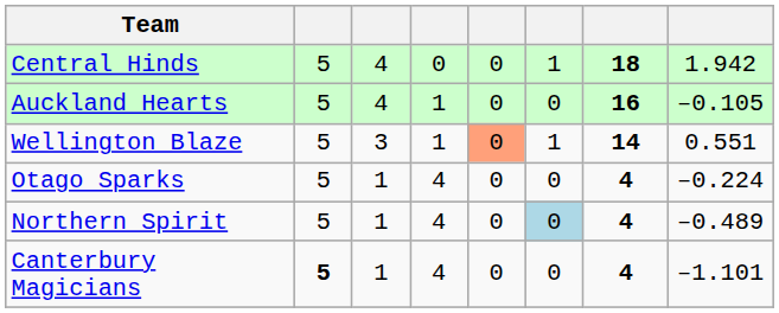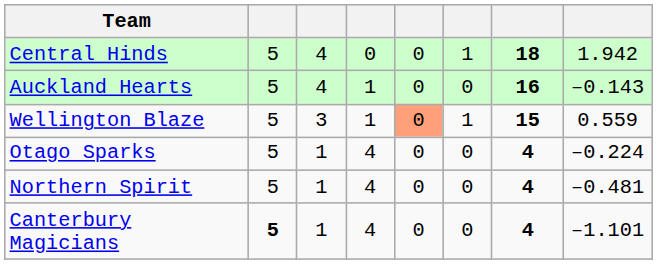 <table class="wikitable" style="text-align:center">
 <tr>
 <th width="150">Team</th>
 <th width="25"></th>
 <th width="25"></th>
 <th width="25"></th>
 <th width="25"></th>
 <th width="25"></th>
 <th width="40"></th>
 <th width="50"></th>
 </tr>
 <tr style="background:#cfc">
 <td style="text-align:left"><a href='#'>Central Hinds</a></td>
 <td>5</td>
 <td>4</td>
 <td>0</td>
 <td>0</td>
 <td>1</td>
 <td><strong>18</strong></td>
 <td>1.942</td>
 </tr>
 <tr style="background:#cfc">
 <td style="text-align:left"><a href='#'>Auckland Hearts</a></td>
 <td>5</td>
 <td>4</td>
 <td>1</td>
 <td>0</td>
 <td>0</td>
 <td><strong>16</strong></td>
-<td>–0.105</td>
+<td>–0.143</td>
 </tr>
 <tr>
 <td style="text-align:left"><a href='#'>Wellington Blaze</a></td>
 <td>5</td>
 <td>3</td>
 <td>1</td>
 <td style="background: lightsalmon;">0</td>
 <td>1</td>
-<td><strong>14</strong></td>
-<td>0.551</td>
+<td><strong>15</strong></td>
+<td>0.559</td>
 </tr>
 <tr>
 <td style="text-align:left"><a href='#'>Otago Sparks</a></td>
 <td>5</td>
 <td>1</td>
 <td>4</td>
 <td>0</td>
 <td>0</td>
 <td><strong>4</strong></td>
 <td>–0.224</td>
 </tr>
 <tr>
 <td style="text-align:left"><a href='#'>Northern Spirit</a></td>
 <td>5</td>
 <td>1</td>
 <td>4</td>
 <td>0</td>
-<td style="background: lightblue;">0</td>
+<td>0</td>
 <td><strong>4</strong></td>
-<td>–0.489</td>
+<td>–0.481</td>
 </tr>
 <tr>
 <td style="text-align:left"><a href='#'>Canterbury Magicians</a></td>
 <td><strong>5</strong></td>
 <td>1</td>
 <td>4</td>
 <td>0</td>
 <td>0</td>
 <td><strong>4</strong></td>
 <td>–1.101</td>
 </tr>
 </table>
